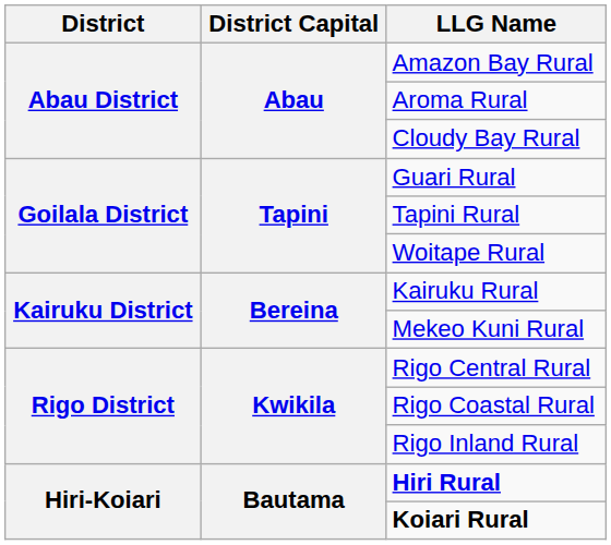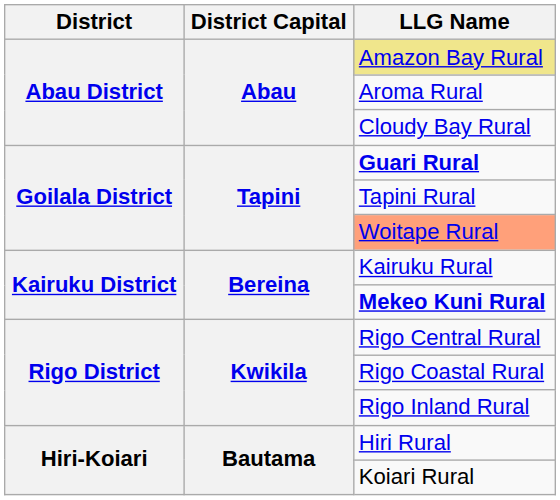 <table class="wikitable" style="text-align: left;" width="400">
 <tr>
 <th>District</th>
 <th>District Capital</th>
 <th>LLG Name</th>
 </tr>
 <tr>
 <th rowspan="3"><a href='#'>Abau District</a></th>
 <th rowspan="3"><a href='#'>Abau</a></th>
-<td><a href='#'>Amazon Bay Rural</a></td>
+<td style="background: khaki;"><a href='#'>Amazon Bay Rural</a></td>
 </tr>
 <tr>
 <td><a href='#'>Aroma Rural</a></td>
 </tr>
 <tr>
 <td><a href='#'>Cloudy Bay Rural</a></td>
 </tr>
 <tr>
 <th rowspan="3"><a href='#'>Goilala District</a></th>
 <th rowspan="3"><a href='#'>Tapini</a></th>
-<td><a href='#'>Guari Rural</a></td>
+<td><strong><a href='#'>Guari Rural</a></strong></td>
 </tr>
 <tr>
 <td><a href='#'>Tapini Rural</a></td>
 </tr>
 <tr>
-<td><a href='#'>Woitape Rural</a></td>
+<td style="background: lightsalmon;"><a href='#'>Woitape Rural</a></td>
 </tr>
 <tr>
 <th rowspan="2"><a href='#'>Kairuku District</a></th>
 <th rowspan="2"><a href='#'>Bereina</a></th>
 <td><a href='#'>Kairuku Rural</a></td>
 </tr>
 <tr>
-<td><a href='#'>Mekeo Kuni Rural</a></td>
+<td><strong><a href='#'>Mekeo Kuni Rural</a></strong></td>
 </tr>
 <tr>
 <th rowspan="3"><a href='#'>Rigo District</a></th>
 <th rowspan="3"><a href='#'>Kwikila</a></th>
 <td><a href='#'>Rigo Central Rural</a></td>
 </tr>
 <tr>
 <td><a href='#'>Rigo Coastal Rural</a></td>
 </tr>
 <tr>
 <td><a href='#'>Rigo Inland Rural</a></td>
 </tr>
 <tr>
 <th rowspan="2">Hiri-Koiari</th>
 <th rowspan="2">Bautama</th>
-<td><strong><a href='#'>Hiri Rural</a></strong></td>
+<td><a href='#'>Hiri Rural</a></td>
 </tr>
 <tr>
-<td><strong>Koiari Rural</strong></td>
+<td>Koiari Rural</td>
 </tr>
 </table>
